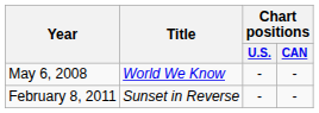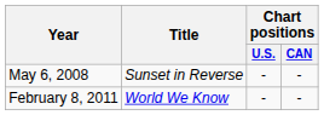 <table class="wikitable">
 <tr>
 <th rowspan="2">Year</th>
 <th rowspan="2">Title</th>
 <th colspan="3">Chart positions</th>
 </tr>
 <tr style="font-size:smaller;">
 <th width="20"><a href='#'>U.S.</a></th>
 <th width="20"><a href='#'>CAN</a></th>
 </tr>
 <tr>
 <td>May 6, 2008</td>
-<td><em><a href='#'>World We Know</a></em></td>
+<td><em>Sunset in Reverse</em></td>
 <td align="center">-</td>
 <td align="center">-</td>
 </tr>
 <tr>
 <td>February 8, 2011</td>
-<td><em>Sunset in Reverse</em></td>
+<td><em><a href='#'>World We Know</a></em></td>
 <td align="center">-</td>
 <td align="center">-</td>
 </tr>
 </table>
